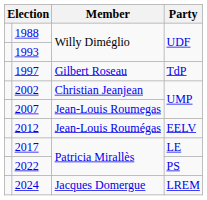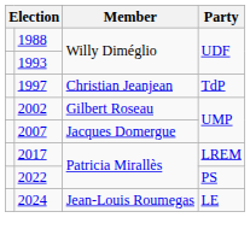 <table class="wikitable">
 <tr>
 <th colspan="2">Election</th>
 <th>Member</th>
 <th>Party</th>
 </tr>
 <tr>
 <td style="color:inherit;background-color: "></td>
 <td><a href='#'>1988</a></td>
 <td rowspan="2">Willy Diméglio</td>
 <td rowspan="2"><a href='#'>UDF</a></td>
 </tr>
 <tr>
 <td style="color:inherit;background-color: "></td>
 <td><a href='#'>1993</a></td>
 </tr>
 <tr>
 <td style="color:inherit;background-color: "></td>
 <td><a href='#'>1997</a></td>
-<td><a href='#'>Gilbert Roseau</a></td>
+<td><a href='#'>Christian Jeanjean</a></td>
 <td><a href='#'>TdP</a></td>
 </tr>
 <tr>
 <td style="color:inherit;background-color: "></td>
 <td><a href='#'>2002</a></td>
-<td><a href='#'>Christian Jeanjean</a></td>
+<td><a href='#'>Gilbert Roseau</a></td>
 <td rowspan="2"><a href='#'>UMP</a></td>
 </tr>
 <tr>
 <td style="color:inherit;background-color: "></td>
 <td><a href='#'>2007</a></td>
-<td><a href='#'>Jean-Louis Roumegas</a></td>
-</tr>
-<tr>
-<td style="color:inherit;background-color: "></td>
-<td><a href='#'>2012</a></td>
-<td><a href='#'>Jean-Louis Roumégas</a></td>
-<td><a href='#'>EELV</a></td>
+<td><a href='#'>Jacques Domergue</a></td>
 </tr>
 <tr>
 <td style="color:inherit;background-color: "></td>
 <td><a href='#'>2017</a></td>
 <td rowspan="2"><a href='#'>Patricia Mirallès</a></td>
-<td><a href='#'>LE</a></td>
+<td><a href='#'>LREM</a></td>
 </tr>
 <tr>
 <td style="color:inherit;background-color: "></td>
 <td><a href='#'>2022</a></td>
 <td><a href='#'>PS</a></td>
 </tr>
 <tr>
 <td style="color:inherit;background-color: "></td>
 <td><a href='#'>2024</a></td>
-<td><a href='#'>Jacques Domergue</a></td>
-<td><a href='#'>LREM</a></td>
+<td><a href='#'>Jean-Louis Roumegas</a></td>
+<td><a href='#'>LE</a></td>
 </tr>
 </table>
